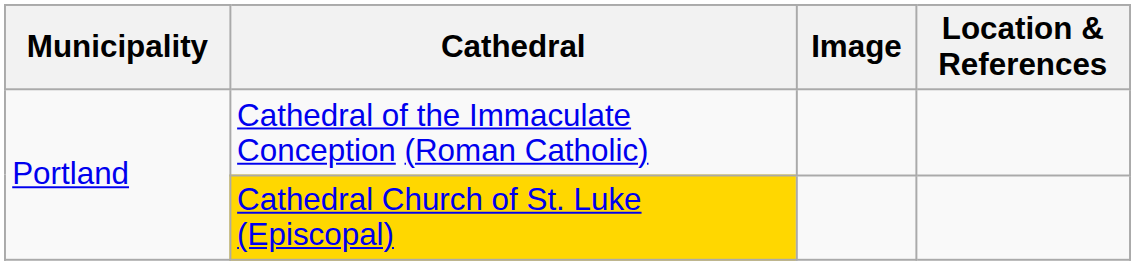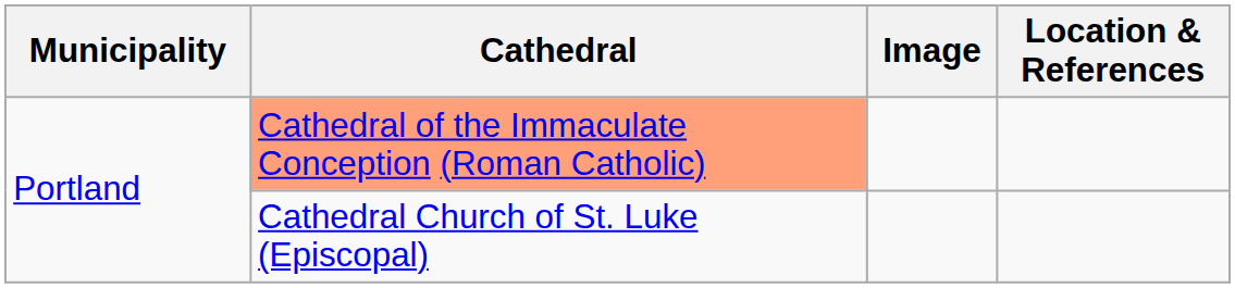 <table width=65% class="wikitable">
 <tr>
 <th width = 10%>Municipality</th>
 <th width = 40%>Cathedral</th>
 <th width = 5%>Image</th>
 <th width = 10%>Location & References</th>
 </tr>
 <tr>
 <td rowspan=2><a href='#'>Portland</a></td>
-<td><a href='#'>Cathedral of the Immaculate Conception</a> <a href='#'>(Roman Catholic)</a></td>
+<td style="background: lightsalmon;"><a href='#'>Cathedral of the Immaculate Conception</a> <a href='#'>(Roman Catholic)</a></td>
 <td></td>
 <td><small></small><br></td>
 </tr>
 <tr>
-<td style="background: gold;"><a href='#'>Cathedral Church of St. Luke</a> <a href='#'>(Episcopal)</a></td>
+<td><a href='#'>Cathedral Church of St. Luke</a> <a href='#'>(Episcopal)</a></td>
 <td></td>
 <td><small></small><br></td>
 </tr>
 </table>
